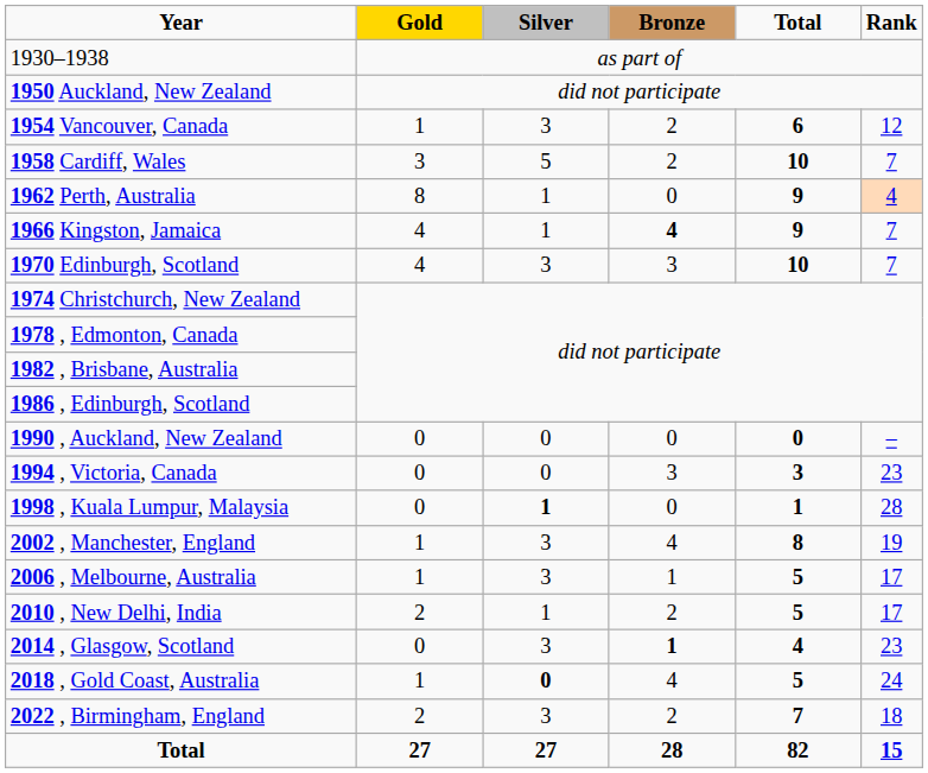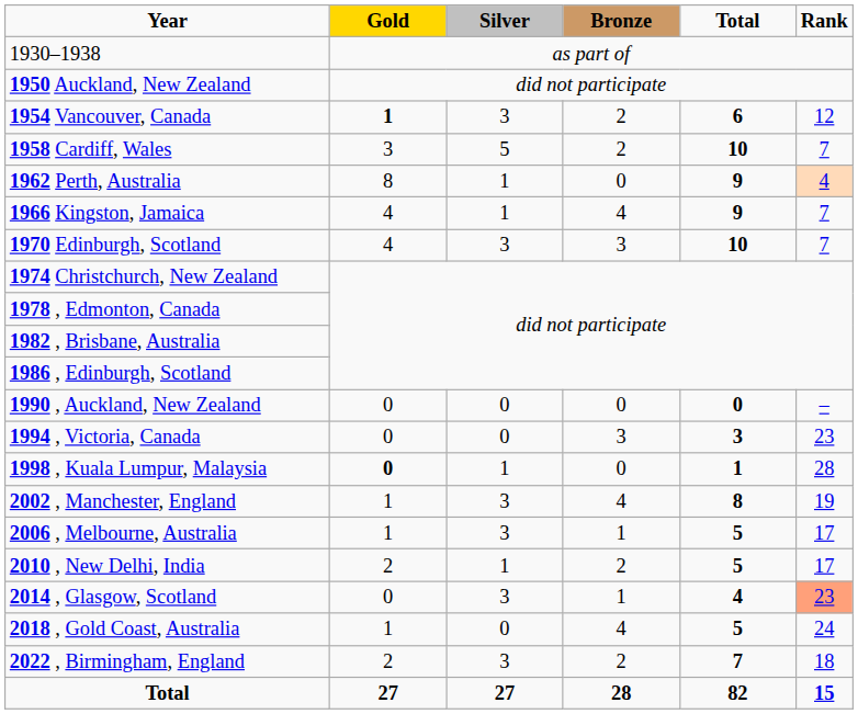 <table class="wikitable sortable" style="text-align:center">
 <tr>
 <td width=250 align=center><strong>Year</strong></td>
 <td width=85 align=center bgcolor=gold><strong> Gold</strong></td>
 <td width=85 align=center bgcolor=silver><strong>Silver</strong></td>
 <td width="85" align="center" bgcolor="#cc9966"><strong>Bronze</strong></td>
 <td width=85 align=center><strong>Total</strong></td>
 <td><strong>Rank</strong></td>
 </tr>
 <tr>
 <td align=left>1930–1938</td>
 <td colspan=18><em>as part of </em></td>
 </tr>
 <tr>
 <td align=left><strong><a href='#'>1950</a></strong>  <a href='#'>Auckland</a>, <a href='#'>New Zealand</a></td>
 <td colspan="5"><em>did not participate</em></td>
 </tr>
 <tr>
 <td align=left><strong><a href='#'>1954</a></strong>  <a href='#'>Vancouver</a>, <a href='#'>Canada</a></td>
-<td>1</td>
+<td><strong>1</strong></td>
 <td>3</td>
 <td>2</td>
 <td><strong>6</strong></td>
 <td><a href='#'>12</a></td>
 </tr>
 <tr>
 <td align=left><strong><a href='#'>1958</a></strong>  <a href='#'>Cardiff</a>, <a href='#'>Wales</a></td>
 <td>3</td>
 <td>5</td>
 <td>2</td>
 <td><strong>10</strong></td>
 <td><a href='#'>7</a></td>
 </tr>
 <tr>
 <td align=left><strong><a href='#'>1962</a></strong>  <a href='#'>Perth</a>, <a href='#'>Australia</a></td>
 <td>8</td>
 <td>1</td>
 <td>0</td>
 <td><strong>9</strong></td>
 <td bgcolor=ffdab9><a href='#'>4</a></td>
 </tr>
 <tr>
 <td align=left><strong><a href='#'>1966</a></strong>  <a href='#'>Kingston</a>, <a href='#'>Jamaica</a></td>
 <td>4</td>
 <td>1</td>
-<td><strong>4</strong></td>
+<td>4</td>
 <td><strong>9</strong></td>
 <td><a href='#'>7</a></td>
 </tr>
 <tr>
 <td align=left><strong><a href='#'>1970</a></strong>  <a href='#'>Edinburgh</a>, <a href='#'>Scotland</a></td>
 <td>4</td>
 <td>3</td>
 <td>3</td>
 <td><strong>10</strong></td>
 <td><a href='#'>7</a></td>
 </tr>
 <tr>
 <td align=left><strong><a href='#'>1974</a></strong>  <a href='#'>Christchurch</a>, <a href='#'>New Zealand</a></td>
 <td colspan="5"rowspan="4"><em>did not participate</em></td>
 </tr>
 <tr>
 <td align=left><strong><a href='#'>1978</a></strong>  , <a href='#'>Edmonton</a>, <a href='#'>Canada</a></td>
 </tr>
 <tr>
 <td align=left><strong><a href='#'>1982</a></strong> , <a href='#'>Brisbane</a>, <a href='#'>Australia</a></td>
 </tr>
 <tr>
 <td align=left><strong><a href='#'>1986</a></strong> , <a href='#'>Edinburgh</a>, <a href='#'>Scotland</a></td>
 </tr>
 <tr>
 <td align=left><strong><a href='#'>1990</a></strong> , <a href='#'>Auckland</a>, <a href='#'>New Zealand</a></td>
 <td>0</td>
 <td>0</td>
 <td>0</td>
 <td><strong>0</strong></td>
 <td><a href='#'>–</a></td>
 </tr>
 <tr>
 <td align=left><strong><a href='#'>1994</a></strong> , <a href='#'>Victoria</a>, <a href='#'>Canada</a></td>
 <td>0</td>
 <td>0</td>
 <td>3</td>
 <td><strong>3</strong></td>
 <td><a href='#'>23</a></td>
 </tr>
 <tr>
 <td align=left><strong><a href='#'>1998</a></strong> , <a href='#'>Kuala Lumpur</a>, <a href='#'>Malaysia</a></td>
-<td>0</td>
-<td><strong>1</strong></td>
+<td><strong>0</strong></td>
+<td>1</td>
 <td>0</td>
 <td><strong>1</strong></td>
 <td><a href='#'>28</a></td>
 </tr>
 <tr>
 <td align=left><strong><a href='#'>2002</a></strong> , <a href='#'>Manchester</a>, <a href='#'>England</a></td>
 <td>1</td>
 <td>3</td>
 <td>4</td>
 <td><strong>8</strong></td>
 <td><a href='#'>19</a></td>
 </tr>
 <tr>
 <td align=left><strong><a href='#'>2006</a></strong> , <a href='#'>Melbourne</a>, <a href='#'>Australia</a></td>
 <td>1</td>
 <td>3</td>
 <td>1</td>
 <td><strong>5</strong></td>
 <td><a href='#'>17</a></td>
 </tr>
 <tr>
 <td align=left><strong><a href='#'>2010</a></strong> , <a href='#'>New Delhi</a>, <a href='#'>India</a></td>
 <td>2</td>
 <td>1</td>
 <td>2</td>
 <td><strong>5</strong></td>
 <td><a href='#'>17</a></td>
 </tr>
 <tr>
 <td align=left><strong><a href='#'>2014</a></strong> , <a href='#'>Glasgow</a>, <a href='#'>Scotland</a></td>
 <td>0</td>
 <td>3</td>
-<td><strong>1</strong></td>
+<td>1</td>
 <td><strong>4</strong></td>
-<td><a href='#'>23</a></td>
+<td style="background: lightsalmon;"><a href='#'>23</a></td>
 </tr>
 <tr>
 <td align=left><strong><a href='#'>2018</a></strong> , <a href='#'>Gold Coast</a>, <a href='#'>Australia</a></td>
 <td>1</td>
-<td><strong>0</strong></td>
+<td>0</td>
 <td>4</td>
 <td><strong>5</strong></td>
 <td><a href='#'>24</a></td>
 </tr>
 <tr>
 <td align=left><strong><a href='#'>2022</a></strong> , <a href='#'>Birmingham</a>, <a href='#'>England</a></td>
 <td>2</td>
 <td>3</td>
 <td>2</td>
 <td><strong>7</strong></td>
 <td><a href='#'>18</a></td>
 </tr>
 <tr>
 <td><strong>Total</strong></td>
 <td><strong>27</strong></td>
 <td><strong>27</strong></td>
 <td><strong>28</strong></td>
 <td><strong>82</strong></td>
 <td><strong><a href='#'>15</a></strong></td>
 </tr>
 </table>
